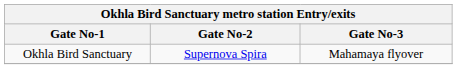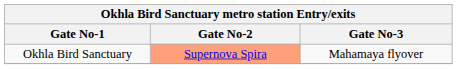 <table class="wikitable" style="text-align: center;" width="65%">
 <tr>
 <th align="center" colspan="5" style="background:#"><span>Okhla Bird Sanctuary metro station Entry/exits</span></th>
 </tr>
 <tr>
 <th style="width:5%;">Gate No-1 </th>
 <th style="width:5%;">Gate No-2</th>
 <th style="width:5%;">Gate No-3 </th>
 </tr>
 <tr>
 <td>Okhla Bird Sanctuary</td>
-<td><a href='#'>Supernova Spira</a></td>
+<td style="background: lightsalmon;"><a href='#'>Supernova Spira</a></td>
 <td>Mahamaya flyover</td>
 </tr>
 <tr>
 </tr>
 </table>
